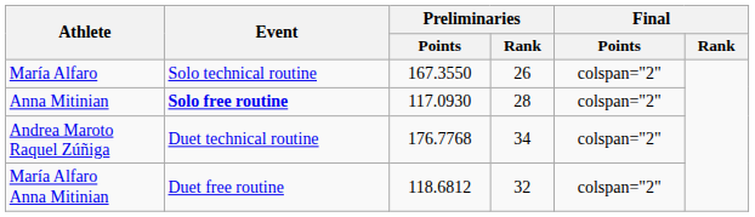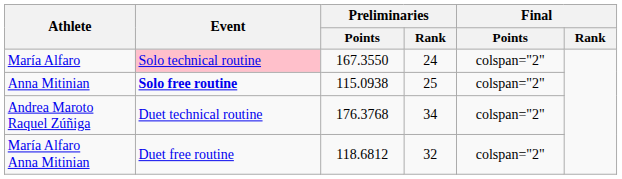 <table class="wikitable" style="text-align:center; font-size:90%; width:50%;">
 <tr>
 <th rowspan="2">Athlete</th>
 <th rowspan="2">Event</th>
 <th colspan="2">Preliminaries</th>
 <th colspan="2">Final</th>
 </tr>
 <tr style="font-size:95%">
 <th>Points</th>
 <th>Rank</th>
 <th>Points</th>
 <th>Rank</th>
 </tr>
 <tr>
 <td align=left><a href='#'>María Alfaro</a></td>
-<td align=left><a href='#'>Solo technical routine</a></td>
+<td align=left style="background: pink;"><a href='#'>Solo technical routine</a></td>
 <td>167.3550</td>
-<td>26</td>
+<td>24</td>
 <td>colspan="2" </td>
 </tr>
 <tr>
 <td align=left><a href='#'>Anna Mitinian</a></td>
 <td align=left><strong><a href='#'>Solo free routine</a></strong></td>
-<td>117.0930</td>
-<td>28</td>
+<td>115.0938</td>
+<td>25</td>
 <td>colspan="2" </td>
 </tr>
 <tr>
 <td align=left><a href='#'>Andrea Maroto</a><br><a href='#'>Raquel Zúñiga</a></td>
 <td align=left><a href='#'>Duet technical routine</a></td>
-<td>176.7768</td>
+<td>176.3768</td>
 <td>34</td>
 <td>colspan="2" </td>
 </tr>
 <tr>
 <td align=left><a href='#'>María Alfaro</a><br><a href='#'>Anna Mitinian</a></td>
 <td align=left><a href='#'>Duet free routine</a></td>
 <td>118.6812</td>
 <td>32</td>
 <td>colspan="2" </td>
 </tr>
 </table>
